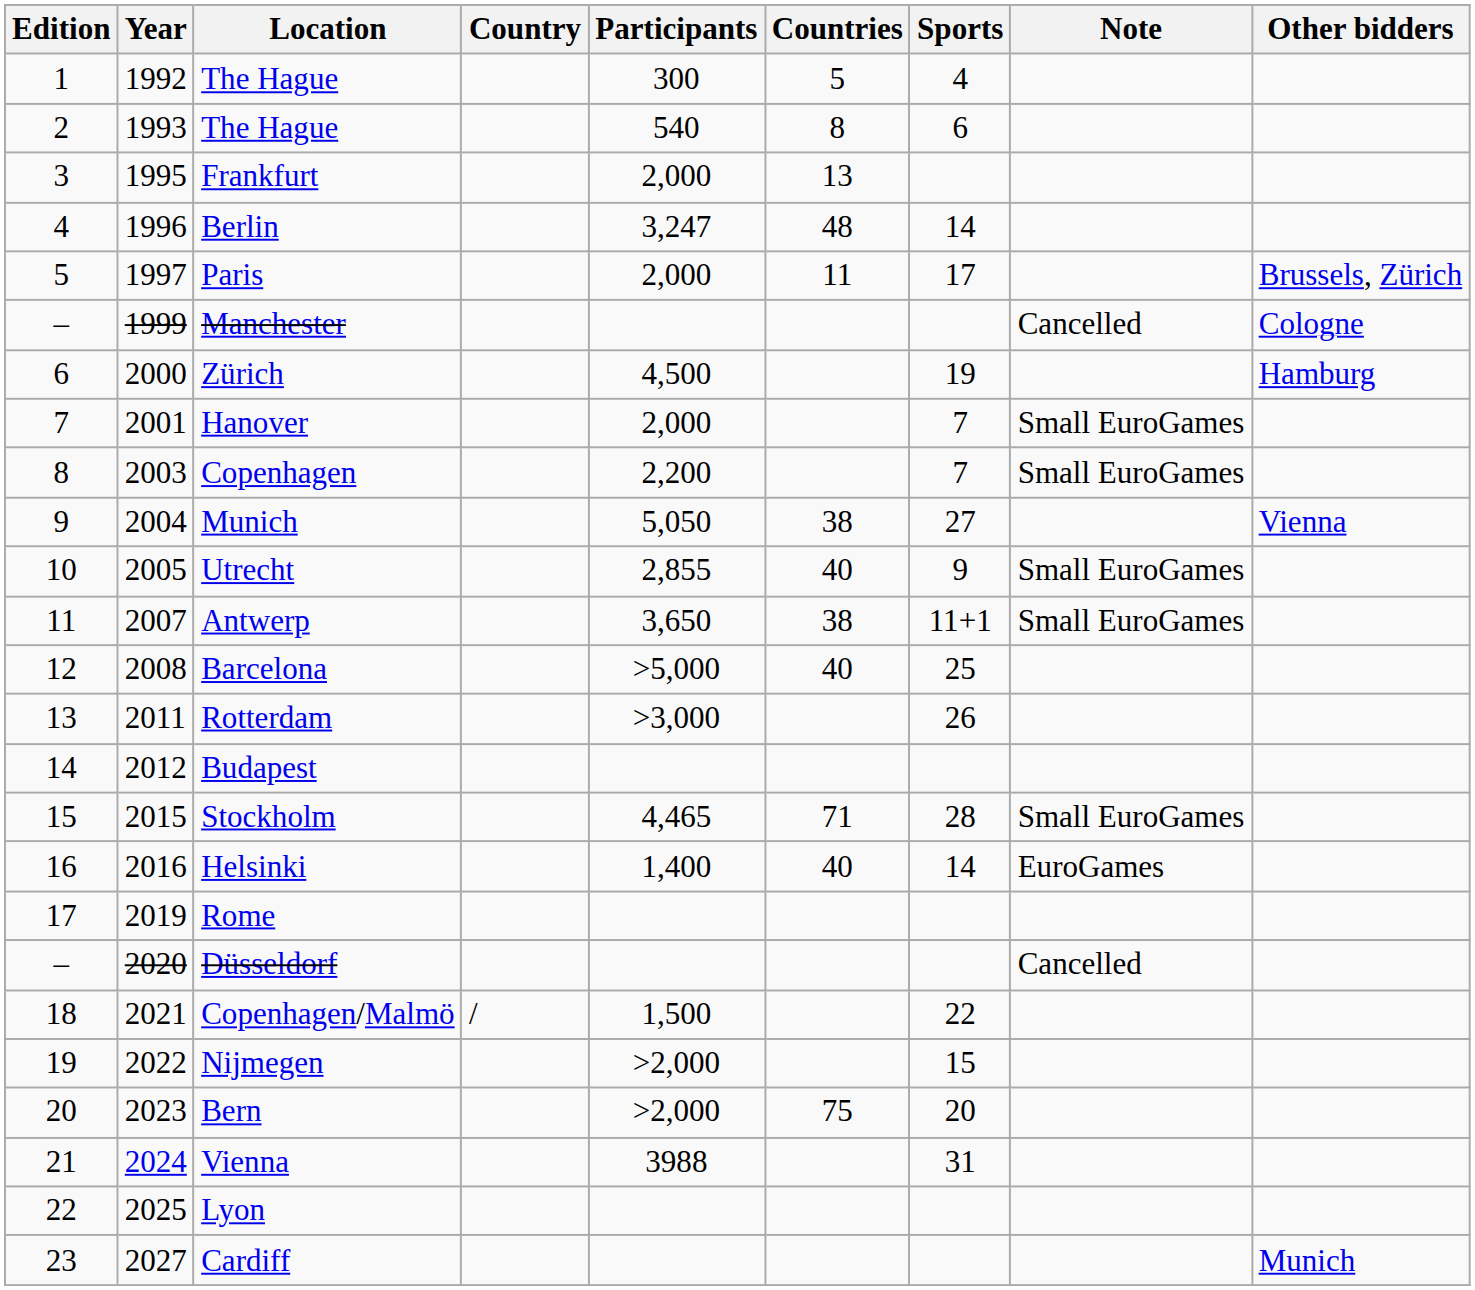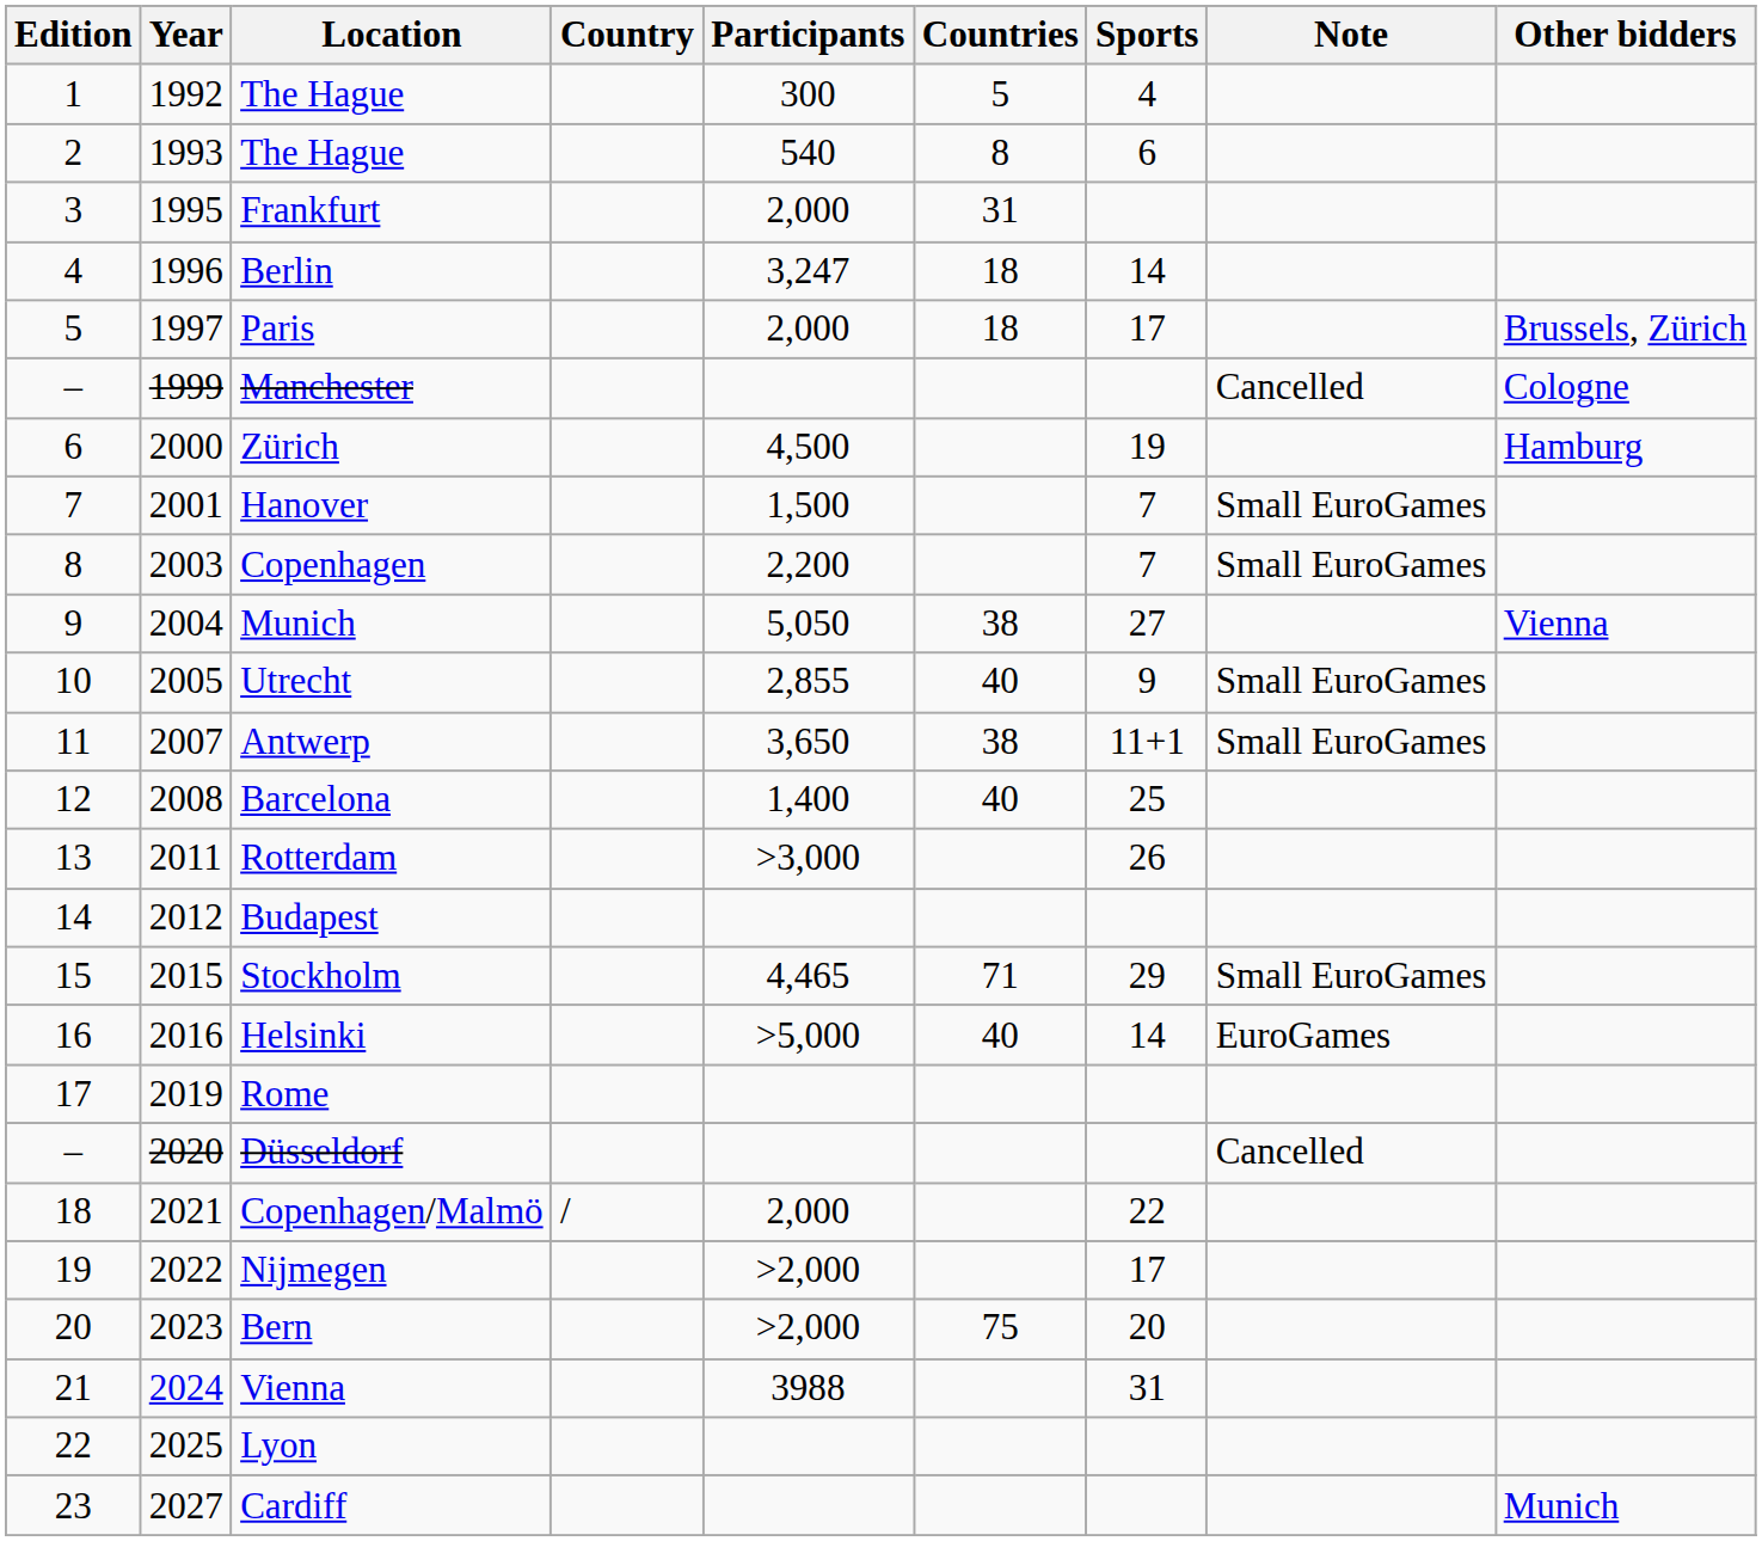 <table class="wikitable">
 <tr>
 <th>Edition</th>
 <th>Year</th>
 <th>Location</th>
 <th>Country</th>
 <th>Participants</th>
 <th>Countries</th>
 <th>Sports</th>
 <th>Note</th>
 <th>Other bidders</th>
 </tr>
 <tr>
 <td align=center>1</td>
 <td>1992</td>
 <td><a href='#'>The Hague</a></td>
 <td></td>
 <td align=center>300</td>
 <td align=center>5</td>
 <td align=center>4</td>
 <td></td>
 <td></td>
 </tr>
 <tr>
 <td align=center>2</td>
 <td>1993</td>
 <td><a href='#'>The Hague</a></td>
 <td></td>
 <td align=center>540</td>
 <td align=center>8</td>
 <td align=center>6</td>
 <td></td>
 <td></td>
 </tr>
 <tr>
 <td align=center>3</td>
 <td>1995</td>
 <td><a href='#'>Frankfurt</a></td>
 <td></td>
 <td align=center>2,000</td>
-<td align=center>13</td>
+<td align=center>31</td>
 <td></td>
 <td></td>
 <td></td>
 </tr>
 <tr>
 <td align=center>4</td>
 <td>1996</td>
 <td><a href='#'>Berlin</a></td>
 <td></td>
 <td align=center>3,247</td>
-<td align=center>48</td>
+<td align=center>18</td>
 <td align=center>14</td>
 <td></td>
 <td></td>
 </tr>
 <tr>
 <td align=center>5</td>
 <td>1997</td>
 <td><a href='#'>Paris</a></td>
 <td></td>
 <td align=center>2,000</td>
-<td align=center>11</td>
+<td align=center>18</td>
 <td align=center>17</td>
 <td></td>
 <td><a href='#'>Brussels</a>, <a href='#'>Zürich</a></td>
 </tr>
 <tr>
 <td align=center>–</td>
 <td style="text-decoration: line-through">1999</td>
 <td style="text-decoration: line-through"><a href='#'>Manchester</a></td>
 <td style="text-decoration: line-through"></td>
 <td></td>
 <td></td>
 <td></td>
 <td>Cancelled</td>
 <td><a href='#'>Cologne</a></td>
 </tr>
 <tr>
 <td align=center>6</td>
 <td>2000</td>
 <td><a href='#'>Zürich</a></td>
 <td></td>
 <td align=center>4,500</td>
 <td></td>
 <td align=center>19</td>
 <td></td>
 <td><a href='#'>Hamburg</a></td>
 </tr>
 <tr>
 <td align=center>7</td>
 <td>2001</td>
 <td><a href='#'>Hanover</a></td>
 <td></td>
-<td align=center>2,000</td>
+<td align=center>1,500</td>
 <td></td>
 <td align=center>7</td>
 <td>Small EuroGames</td>
 <td></td>
 </tr>
 <tr>
 <td align=center>8</td>
 <td>2003</td>
 <td><a href='#'>Copenhagen</a></td>
 <td></td>
 <td align=center>2,200</td>
 <td></td>
 <td align=center>7</td>
 <td>Small EuroGames</td>
 <td></td>
 </tr>
 <tr>
 <td align=center>9</td>
 <td>2004</td>
 <td><a href='#'>Munich</a></td>
 <td></td>
 <td align=center>5,050</td>
 <td align=center>38</td>
 <td align=center>27</td>
 <td></td>
 <td><a href='#'>Vienna</a></td>
 </tr>
 <tr>
 <td align=center>10</td>
 <td>2005</td>
 <td><a href='#'>Utrecht</a></td>
 <td></td>
 <td align=center>2,855</td>
 <td align=center>40</td>
 <td align=center>9</td>
 <td>Small EuroGames</td>
 <td></td>
 </tr>
 <tr>
 <td align=center>11</td>
 <td>2007</td>
 <td><a href='#'>Antwerp</a></td>
 <td></td>
 <td align=center>3,650</td>
 <td align=center>38</td>
 <td align=center>11+1</td>
 <td>Small EuroGames</td>
 <td></td>
 </tr>
 <tr>
 <td align=center>12</td>
 <td>2008</td>
 <td><a href='#'>Barcelona</a></td>
 <td></td>
-<td align=center>>5,000</td>
+<td align=center>1,400</td>
 <td align=center>40</td>
 <td align=center>25</td>
 <td></td>
 <td></td>
 </tr>
 <tr>
 <td align=center>13</td>
 <td>2011</td>
 <td><a href='#'>Rotterdam</a></td>
 <td></td>
 <td align=center>>3,000</td>
 <td></td>
 <td align=center>26</td>
 <td></td>
 <td></td>
 </tr>
 <tr>
 <td align=center>14</td>
 <td>2012</td>
 <td><a href='#'>Budapest</a></td>
 <td></td>
 <td></td>
 <td></td>
 <td></td>
 <td></td>
 <td></td>
 </tr>
 <tr>
 <td align=center>15</td>
 <td>2015</td>
 <td><a href='#'>Stockholm</a></td>
 <td></td>
 <td align=center>4,465</td>
 <td align=center>71</td>
-<td align=center>28</td>
+<td align=center>29</td>
 <td>Small EuroGames</td>
 <td></td>
 </tr>
 <tr>
 <td align=center>16</td>
 <td>2016</td>
 <td><a href='#'>Helsinki</a></td>
 <td></td>
-<td align=center>1,400</td>
+<td align=center>>5,000</td>
 <td align=center>40</td>
 <td align=center>14</td>
 <td>EuroGames</td>
 <td></td>
 </tr>
 <tr>
 <td align=center>17</td>
 <td>2019</td>
 <td><a href='#'>Rome</a></td>
 <td></td>
 <td></td>
 <td></td>
 <td></td>
 <td></td>
 <td></td>
 </tr>
 <tr>
 <td align=center>–</td>
 <td style="text-decoration: line-through">2020</td>
 <td style="text-decoration: line-through"><a href='#'>Düsseldorf</a></td>
 <td style="text-decoration: line-through"></td>
 <td></td>
 <td></td>
 <td></td>
 <td>Cancelled</td>
 <td></td>
 </tr>
 <tr>
 <td align=center>18</td>
 <td>2021</td>
 <td><a href='#'>Copenhagen</a>/<a href='#'>Malmö</a></td>
 <td>/</td>
-<td align=center>1,500</td>
+<td align=center>2,000</td>
 <td></td>
 <td align=center>22</td>
 <td></td>
 <td></td>
 </tr>
 <tr>
 <td align=center>19</td>
 <td>2022</td>
 <td><a href='#'>Nijmegen</a></td>
 <td></td>
 <td align=center>>2,000</td>
 <td></td>
-<td align=center>15</td>
+<td align=center>17</td>
 <td></td>
 <td></td>
 </tr>
 <tr>
 <td align=center>20</td>
 <td>2023</td>
 <td><a href='#'>Bern</a></td>
 <td></td>
 <td align=center>>2,000</td>
 <td align=center>75</td>
 <td align=center>20</td>
 <td></td>
 <td></td>
 </tr>
 <tr>
 <td align=center>21</td>
 <td><a href='#'>2024</a></td>
 <td><a href='#'>Vienna</a></td>
 <td></td>
 <td align=center>3988</td>
 <td></td>
 <td align=center>31</td>
 <td></td>
 <td></td>
 </tr>
 <tr>
 <td align=center>22</td>
 <td>2025</td>
 <td><a href='#'>Lyon</a></td>
 <td></td>
 <td></td>
 <td></td>
 <td></td>
 <td></td>
 <td></td>
 </tr>
 <tr>
 <td align=center>23</td>
 <td>2027</td>
 <td><a href='#'>Cardiff</a></td>
 <td></td>
 <td></td>
 <td></td>
 <td></td>
 <td></td>
 <td><a href='#'>Munich</a></td>
 </tr>
 <tr>
 </tr>
 </table>
